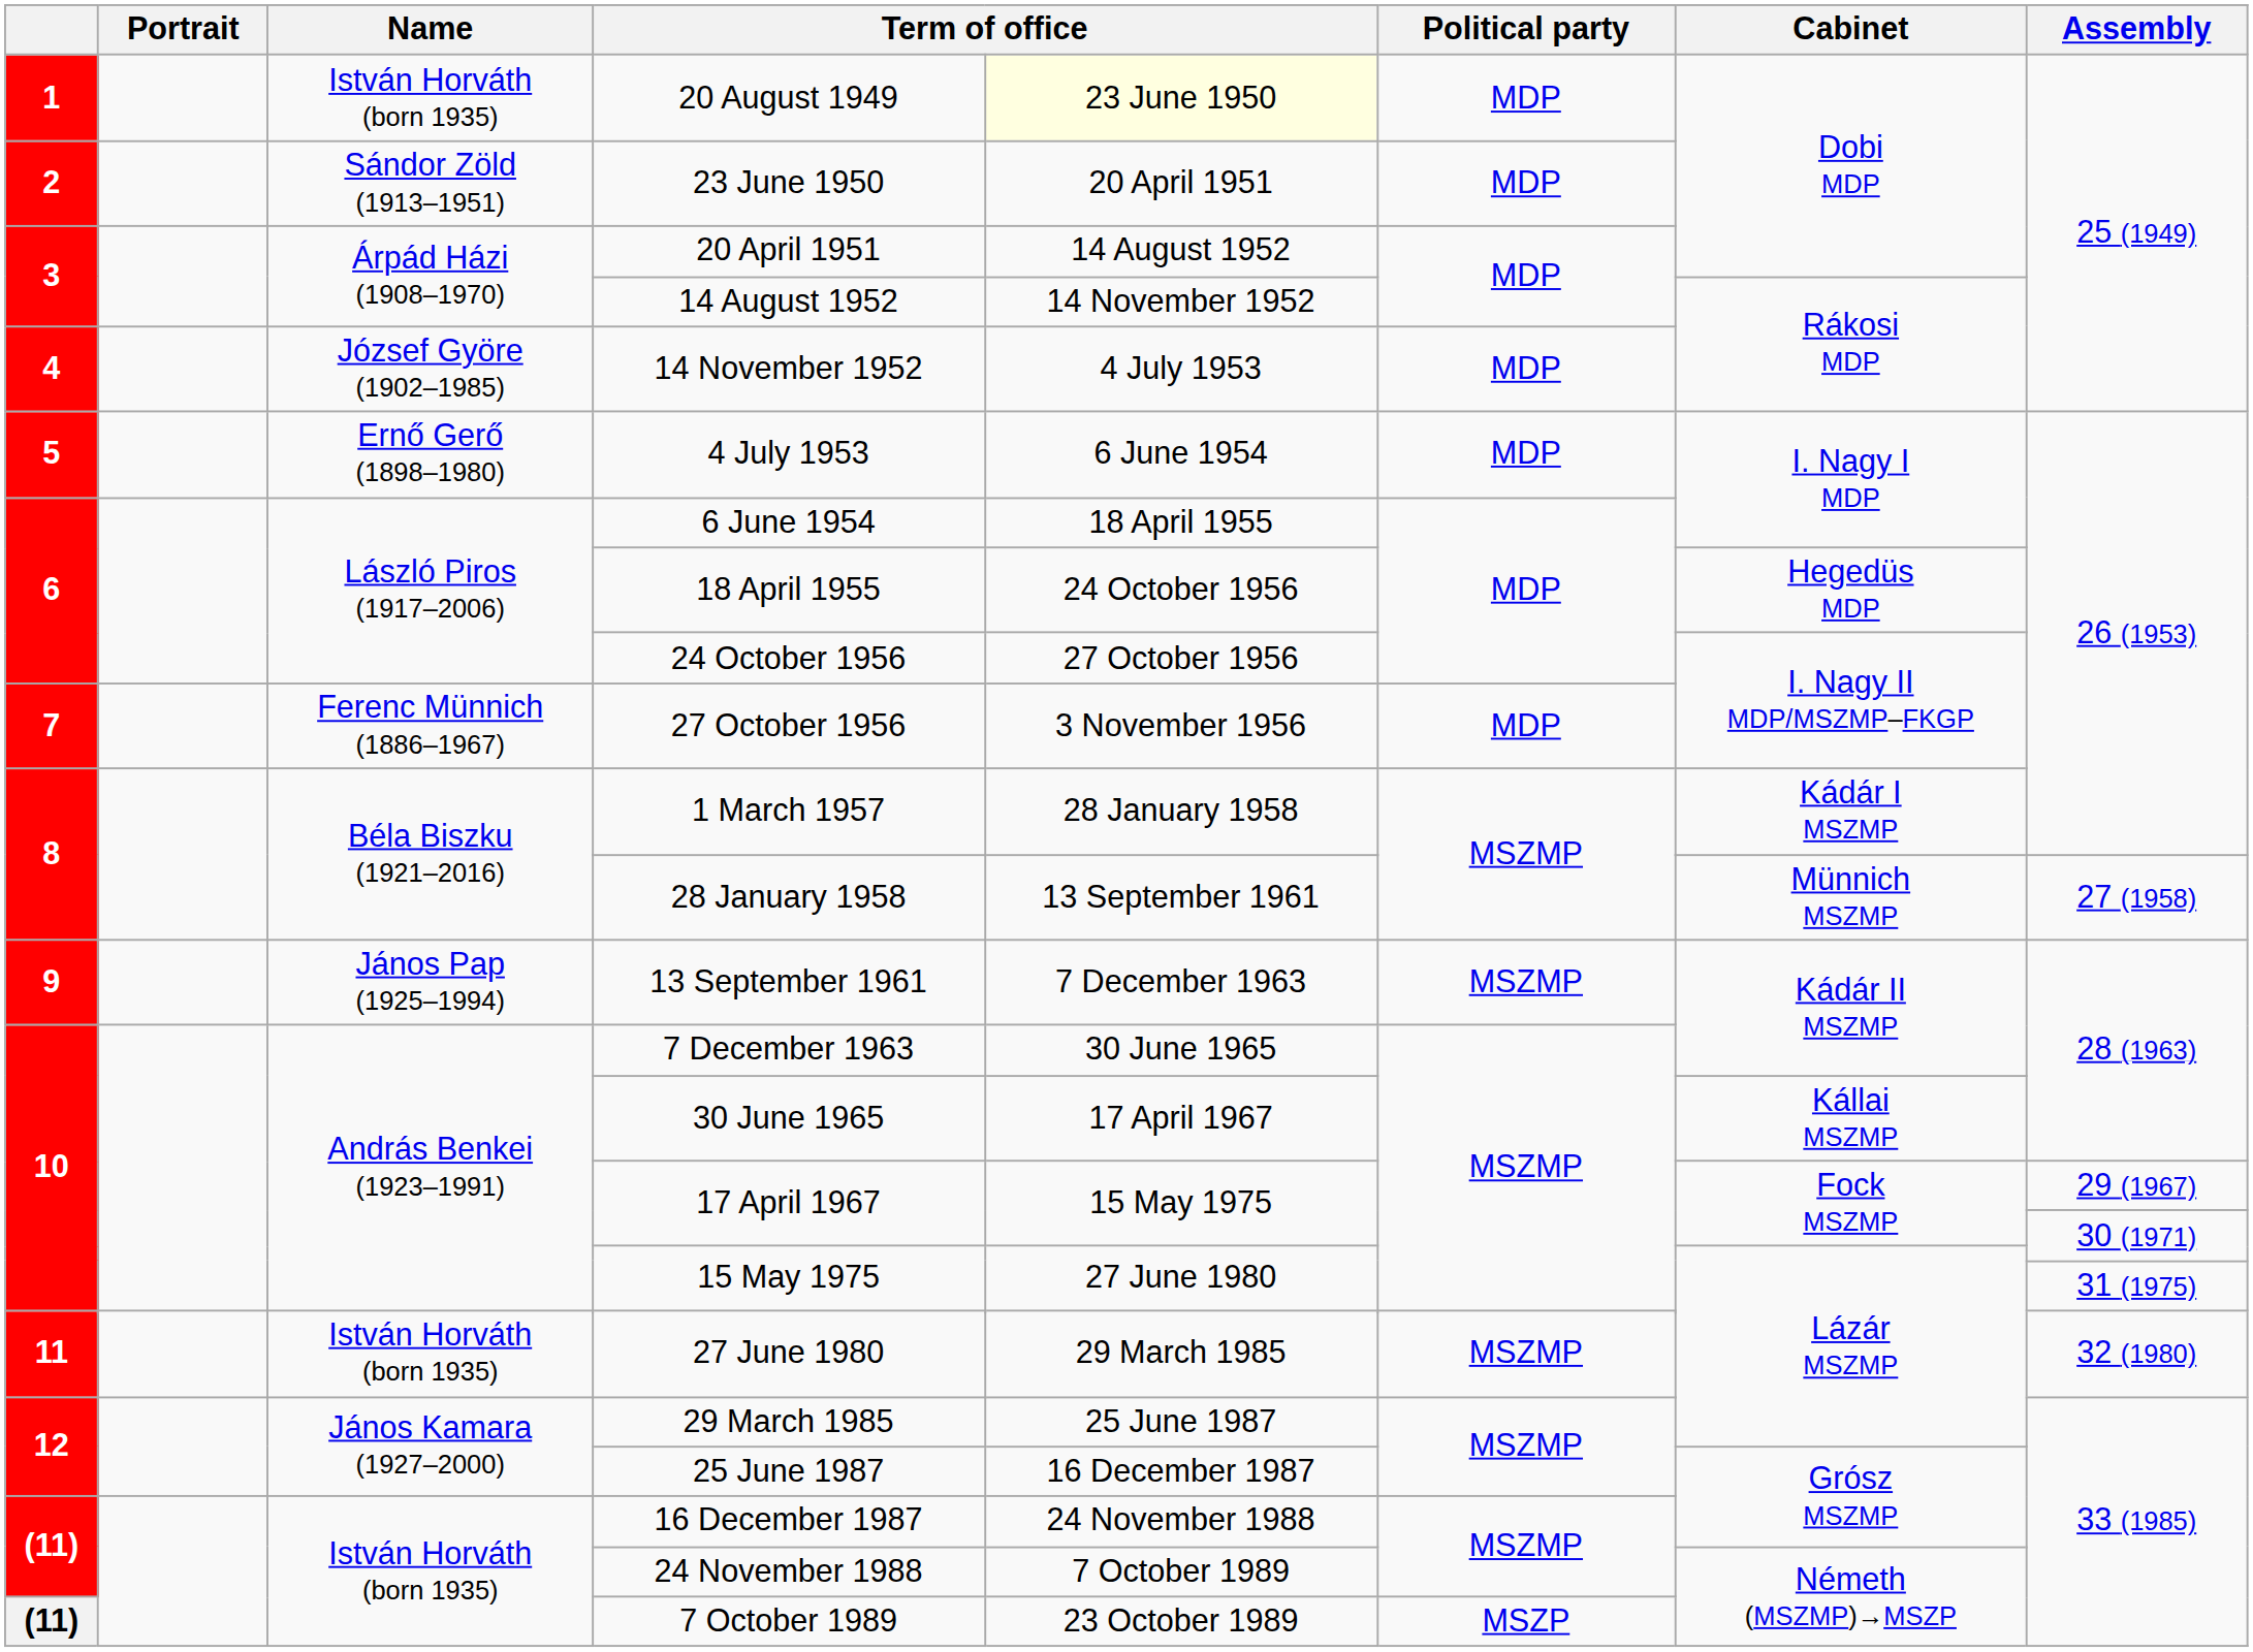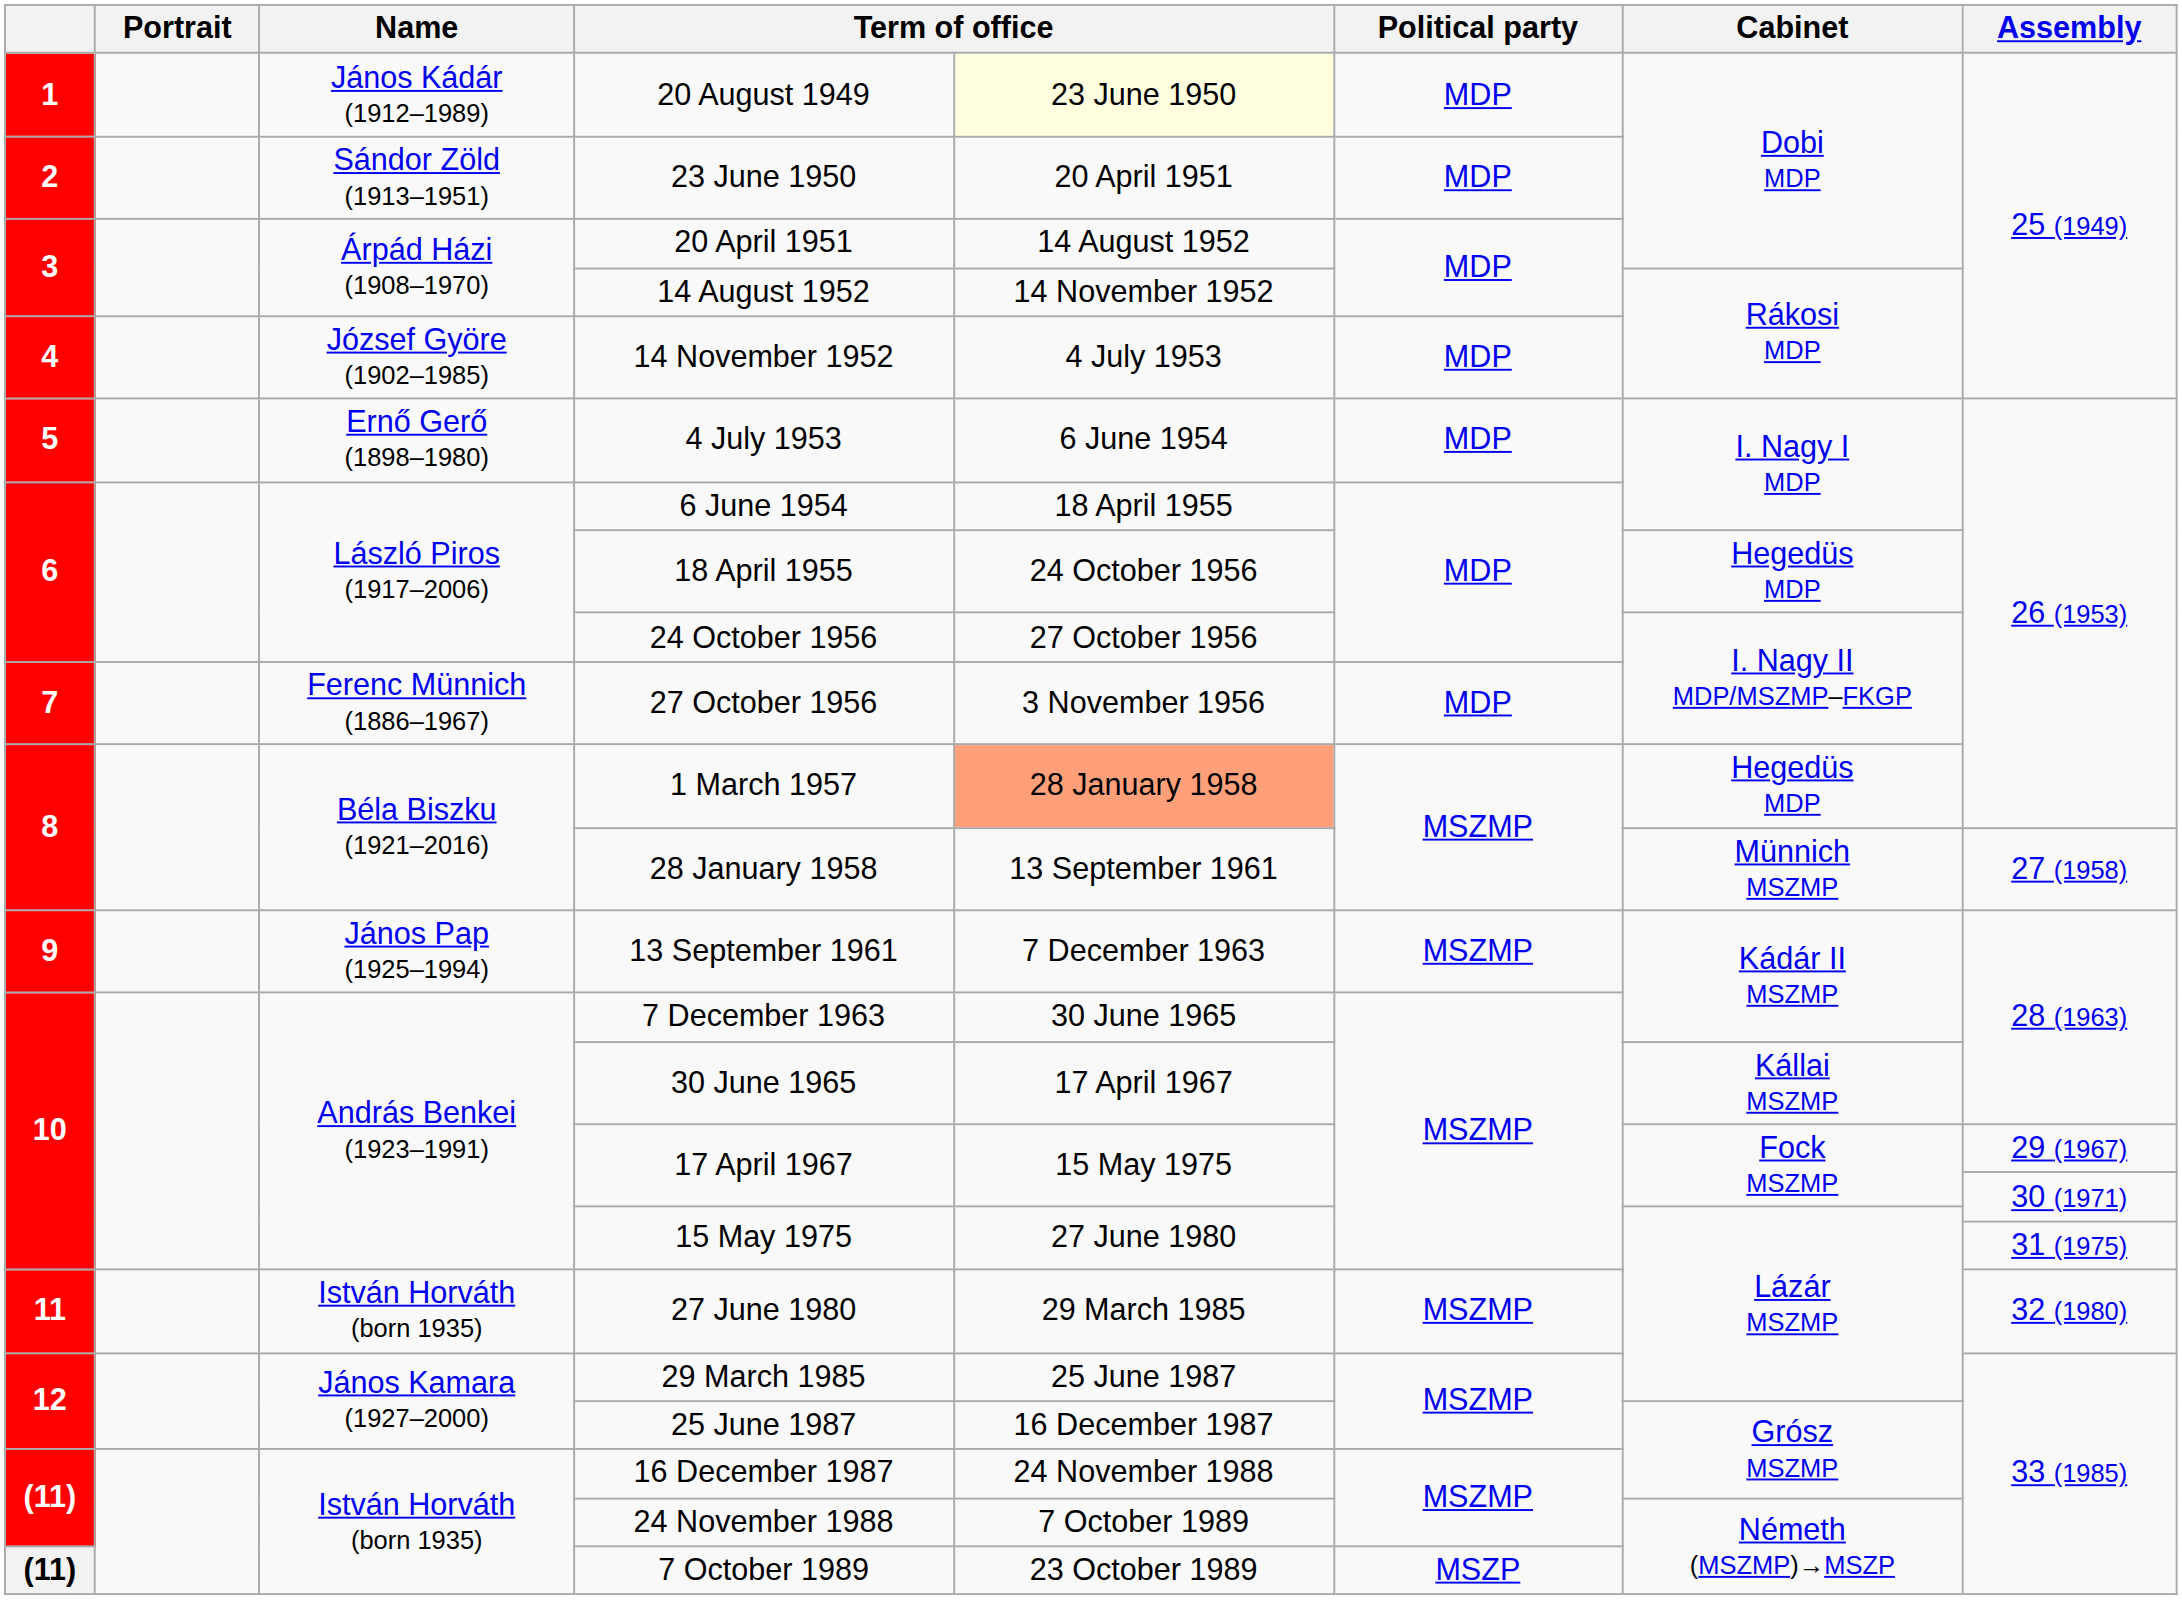 <table class="wikitable" style="width:90%; text-align:center;">
 <tr>
 <th></th>
 <th>Portrait</th>
 <th>Name<br></th>
 <th colspan=2>Term of office</th>
 <th>Political party</th>
 <th>Cabinet</th>
 <th><a href='#'>Assembly</a><br></th>
 </tr>
 <tr>
 <th style="background:Red; color:white">1</th>
 <td></td>
-<td><a href='#'>István Horváth</a><br><small>(born 1935)</small></td>
+<td><a href='#'>János Kádár</a><br><small>(1912–1989)</small></td>
 <td>20 August 1949</td>
 <td style="background: lightyellow;">23 June 1950</td>
 <td><a href='#'>MDP</a></td>
 <td rowspan="3"><a href='#'>Dobi</a><br><small><a href='#'>MDP</a></small></td>
 <td rowspan="5"><a href='#'>25 <small>(1949)</small></a></td>
 </tr>
 <tr>
 <th style="background:Red; color:white">2</th>
 <td></td>
 <td><a href='#'>Sándor Zöld</a><br><small>(1913–1951)</small></td>
 <td>23 June 1950</td>
 <td>20 April 1951</td>
 <td><a href='#'>MDP</a></td>
 </tr>
 <tr>
 <th rowspan="2" style="background:Red; color:white">3</th>
 <td rowspan="2"></td>
 <td rowspan="2"><a href='#'>Árpád Házi</a><br><small>(1908–1970)</small></td>
 <td>20 April 1951</td>
 <td>14 August 1952</td>
 <td rowspan="2"><a href='#'>MDP</a></td>
 </tr>
 <tr>
 <td>14 August 1952</td>
 <td>14 November 1952</td>
 <td rowspan="2"><a href='#'>Rákosi</a><br><small><a href='#'>MDP</a></small></td>
 </tr>
 <tr>
 <th style="background:Red; color:white">4</th>
 <td></td>
 <td><a href='#'>József Györe</a><br><small>(1902–1985)</small></td>
 <td>14 November 1952</td>
 <td>4 July 1953</td>
 <td><a href='#'>MDP</a></td>
 </tr>
 <tr>
 <th style="background:Red; color:white">5</th>
 <td></td>
 <td><a href='#'>Ernő Gerő</a><br><small>(1898–1980)</small></td>
 <td>4 July 1953</td>
 <td>6 June 1954</td>
 <td><a href='#'>MDP</a></td>
 <td rowspan="2"><a href='#'>I. Nagy I</a><br><small><a href='#'>MDP</a></small></td>
 <td rowspan="7"><a href='#'>26 <small>(1953)</small></a></td>
 </tr>
 <tr>
 <th rowspan="3" style="background:Red; color:white">6</th>
 <td rowspan="3"></td>
 <td rowspan="3"><a href='#'>László Piros</a><br><small>(1917–2006)</small></td>
 <td>6 June 1954</td>
 <td>18 April 1955</td>
 <td rowspan="3"><a href='#'>MDP</a></td>
 </tr>
 <tr>
 <td>18 April 1955</td>
 <td>24 October 1956</td>
 <td><a href='#'>Hegedüs</a><br><small><a href='#'>MDP</a></small></td>
 </tr>
 <tr>
 <td>24 October 1956</td>
 <td>27 October 1956</td>
 <td rowspan="2"><a href='#'>I. Nagy II</a><br><small><a href='#'>MDP/MSZMP</a>–<a href='#'>FKGP</a></small></td>
 </tr>
 <tr>
 <th style="background:Red; color:white">7</th>
 <td></td>
 <td><a href='#'>Ferenc Münnich</a><br><small>(1886–1967)</small></td>
 <td>27 October 1956</td>
 <td>3 November 1956</td>
 <td><a href='#'>MDP</a></td>
 </tr>
 <tr>
 <th rowspan="3" style="background:Red; color:white">8</th>
 <td rowspan="3"></td>
 <td rowspan="3"><a href='#'>Béla Biszku</a><br><small>(1921–2016)</small></td>
 <td>1 March 1957</td>
-<td>28 January 1958</td>
+<td style="background: lightsalmon;">28 January 1958</td>
 <td rowspan="3"><a href='#'>MSZMP</a></td>
-<td><a href='#'>Kádár I</a><br><small><a href='#'>MSZMP</a></small></td>
+<td><a href='#'>Hegedüs</a><br><small><a href='#'>MDP</a></small></td>
 </tr>
 <tr>
 <td rowspan="2">28 January 1958</td>
 <td rowspan="2">13 September 1961</td>
 <td rowspan="2"><a href='#'>Münnich</a><br><small><a href='#'>MSZMP</a></small></td>
 </tr>
 <tr>
 <td rowspan="2"><a href='#'>27 <small>(1958)</small></a></td>
 </tr>
 <tr>
 <th rowspan="2" style="background:Red; color:white">9</th>
 <td rowspan="2"></td>
 <td rowspan="2"><a href='#'>János Pap</a><br><small>(1925–1994)</small></td>
 <td rowspan="2">13 September 1961</td>
 <td rowspan="2">7 December 1963</td>
 <td rowspan="2"><a href='#'>MSZMP</a></td>
 <td rowspan="3"><a href='#'>Kádár II</a><br><small><a href='#'>MSZMP</a></small></td>
 </tr>
 <tr>
 <td rowspan="3"><a href='#'>28 <small>(1963)</small></a></td>
 </tr>
 <tr>
 <th rowspan="7" style="background:Red; color:white">10</th>
 <td rowspan="7"></td>
 <td rowspan="7"><a href='#'>András Benkei</a><br><small>(1923–1991)</small></td>
 <td>7 December 1963</td>
 <td>30 June 1965</td>
 <td rowspan="7"><a href='#'>MSZMP</a></td>
 </tr>
 <tr>
 <td>30 June 1965</td>
 <td>17 April 1967</td>
 <td><a href='#'>Kállai</a><br><small><a href='#'>MSZMP</a></small></td>
 </tr>
 <tr>
 <td rowspan="2">17 April 1967</td>
 <td rowspan="2">15 May 1975</td>
 <td rowspan="2"><a href='#'>Fock</a><br><small><a href='#'>MSZMP</a></small></td>
 <td><a href='#'>29 <small>(1967)</small></a></td>
 </tr>
 <tr>
 <td rowspan="2"><a href='#'>30 <small>(1971)</small></a></td>
 </tr>
 <tr>
 <td rowspan="3">15 May 1975</td>
 <td rowspan="3">27 June 1980</td>
 <td rowspan="6"><a href='#'>Lázár</a><br><small><a href='#'>MSZMP</a></small></td>
 </tr>
 <tr>
 <td><a href='#'>31 <small>(1975)</small></a></td>
 </tr>
 <tr>
 <td rowspan="3"><a href='#'>32 <small>(1980)</small></a></td>
 </tr>
 <tr>
 <th style="background:Red; color:white">11</th>
 <td></td>
 <td><a href='#'>István Horváth</a><br><small>(born 1935)</small></td>
 <td>27 June 1980</td>
 <td>29 March 1985</td>
 <td><a href='#'>MSZMP</a></td>
 </tr>
 <tr>
 <th rowspan="3" style="background:Red; color:white">12</th>
 <td rowspan="3"></td>
 <td rowspan="3"><a href='#'>János Kamara</a><br><small>(1927–2000)</small></td>
 <td rowspan="2">29 March 1985</td>
 <td rowspan="2">25 June 1987</td>
 <td rowspan="3"><a href='#'>MSZMP</a></td>
 </tr>
 <tr>
 <td rowspan="5"><a href='#'>33 <small>(1985)</small></a></td>
 </tr>
 <tr>
 <td>25 June 1987</td>
 <td>16 December 1987</td>
 <td rowspan="2"><a href='#'>Grósz</a><br><small><a href='#'>MSZMP</a></small></td>
 </tr>
 <tr>
 <th rowspan="2" style="background:Red; color:white">(11)</th>
 <td rowspan="3"></td>
 <td rowspan="3"><a href='#'>István Horváth</a><br><small>(born 1935)</small></td>
 <td>16 December 1987</td>
 <td>24 November 1988</td>
 <td rowspan="2"><a href='#'>MSZMP</a></td>
 </tr>
 <tr>
 <td>24 November 1988</td>
 <td>7 October 1989</td>
 <td rowspan="2"><a href='#'>Németh</a><br><small>(<a href='#'>MSZMP</a>)→<a href='#'>MSZP</a></small></td>
 </tr>
 <tr>
 <th style="background:">(11)</th>
 <td>7 October 1989</td>
 <td>23 October 1989</td>
 <td><a href='#'>MSZP</a></td>
 </tr>
 </table>
